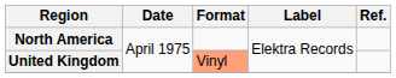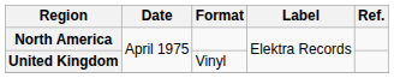 <table class="wikitable plainrowheaders">
 <tr>
 <th scope="col">Region</th>
 <th scope="col">Date</th>
 <th scope="col">Format</th>
 <th scope="col">Label</th>
 <th scope="col">Ref.</th>
 </tr>
 <tr>
 <th scope="row">North America</th>
 <td rowspan="2">April 1975</td>
 <td></td>
 <td rowspan="2">Elektra Records</td>
 <td></td>
 </tr>
 <tr>
 <th scope="row">United Kingdom</th>
-<td style="background: lightsalmon;">Vinyl</td>
+<td>Vinyl</td>
 <td></td>
 </tr>
 <tr>
 </tr>
 </table>
